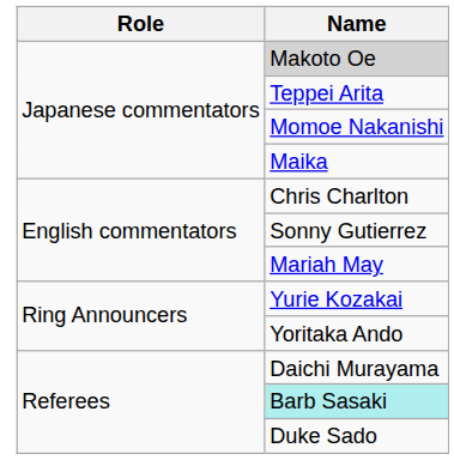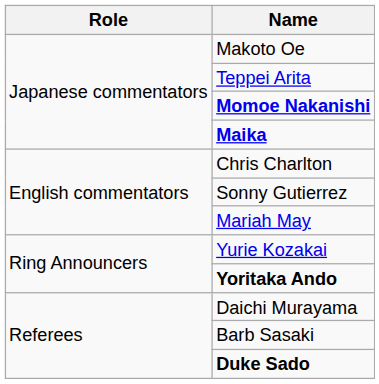 <table class=wikitable style="font-size:90%; margin: 0.5em 0 0.5em 1em; float: right; clear: right;">
 <tr>
 <th>Role</th>
 <th>Name</th>
 </tr>
 <tr>
 <td rowspan="4">Japanese commentators</td>
-<td style="background: lightgrey;">Makoto Oe</td>
+<td>Makoto Oe</td>
 </tr>
 <tr>
 <td><a href='#'>Teppei Arita</a></td>
 </tr>
 <tr>
-<td><a href='#'>Momoe Nakanishi</a></td>
+<td><strong><a href='#'>Momoe Nakanishi</a></strong></td>
 </tr>
 <tr>
-<td><a href='#'>Maika</a></td>
+<td><strong><a href='#'>Maika</a></strong></td>
 </tr>
 <tr>
 <td rowspan="3">English commentators</td>
 <td>Chris Charlton</td>
 </tr>
 <tr>
 <td>Sonny Gutierrez</td>
 </tr>
 <tr>
 <td><a href='#'>Mariah May</a></td>
 </tr>
 <tr>
 <td rowspan="2">Ring Announcers</td>
 <td><a href='#'>Yurie Kozakai</a></td>
 </tr>
 <tr>
-<td>Yoritaka Ando</td>
+<td><strong>Yoritaka Ando</strong></td>
 </tr>
 <tr>
 <td rowspan="3">Referees</td>
 <td>Daichi Murayama</td>
 </tr>
 <tr>
-<td style="background: paleturquoise;">Barb Sasaki</td>
+<td>Barb Sasaki</td>
 </tr>
 <tr>
-<td>Duke Sado</td>
+<td><strong>Duke Sado</strong></td>
 </tr>
 </table>
